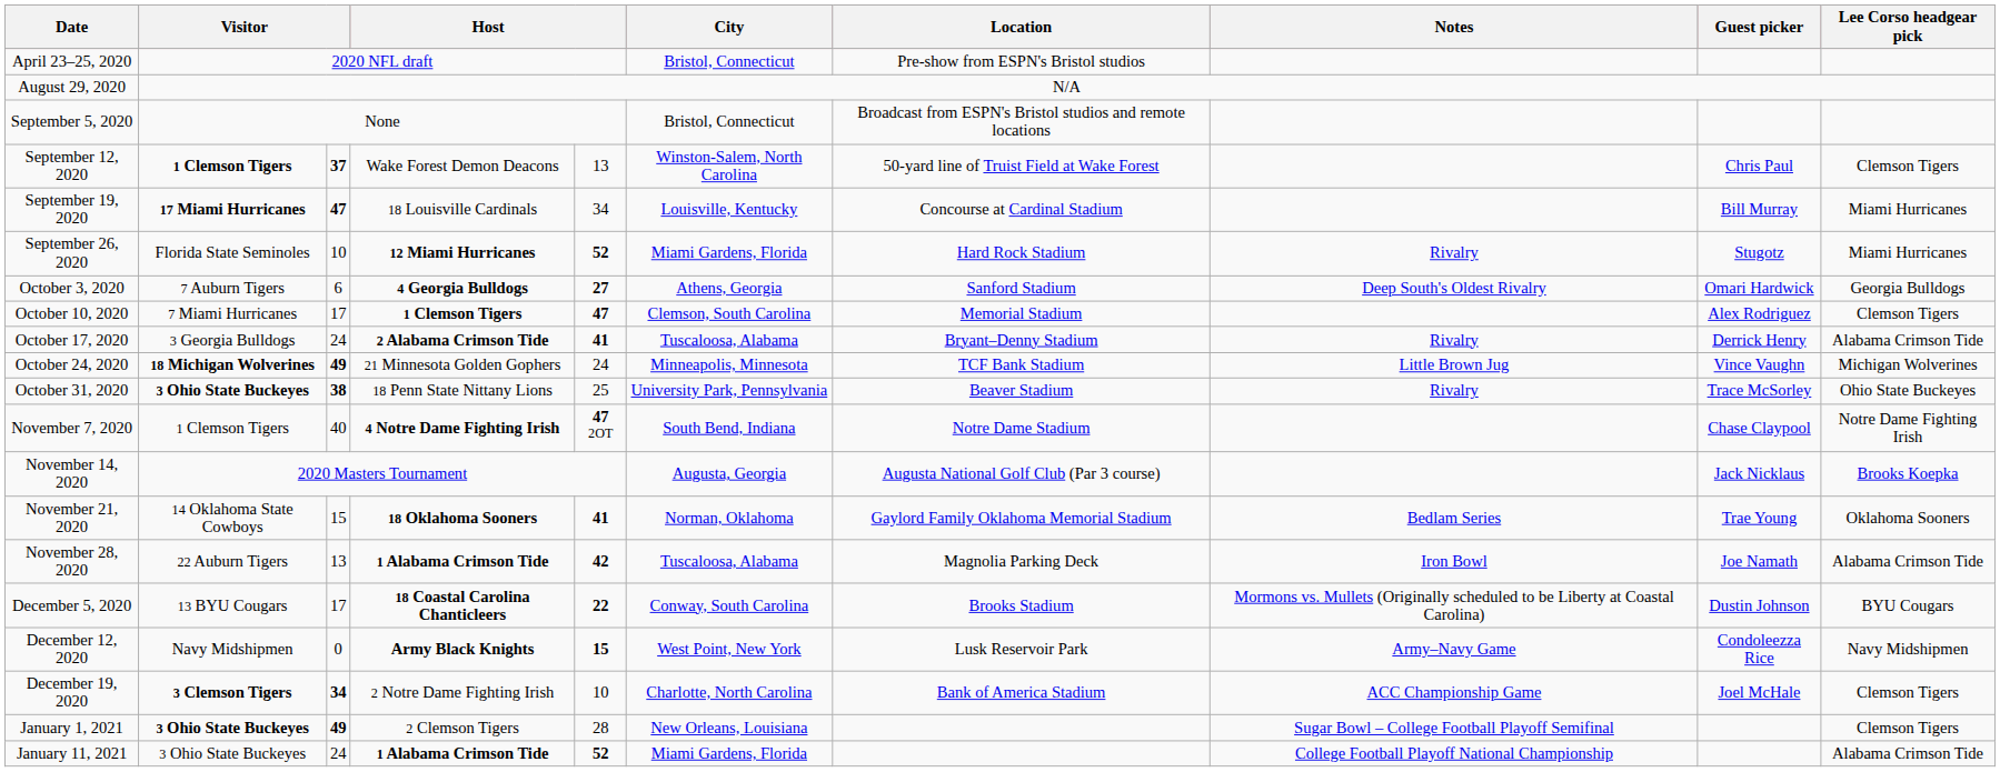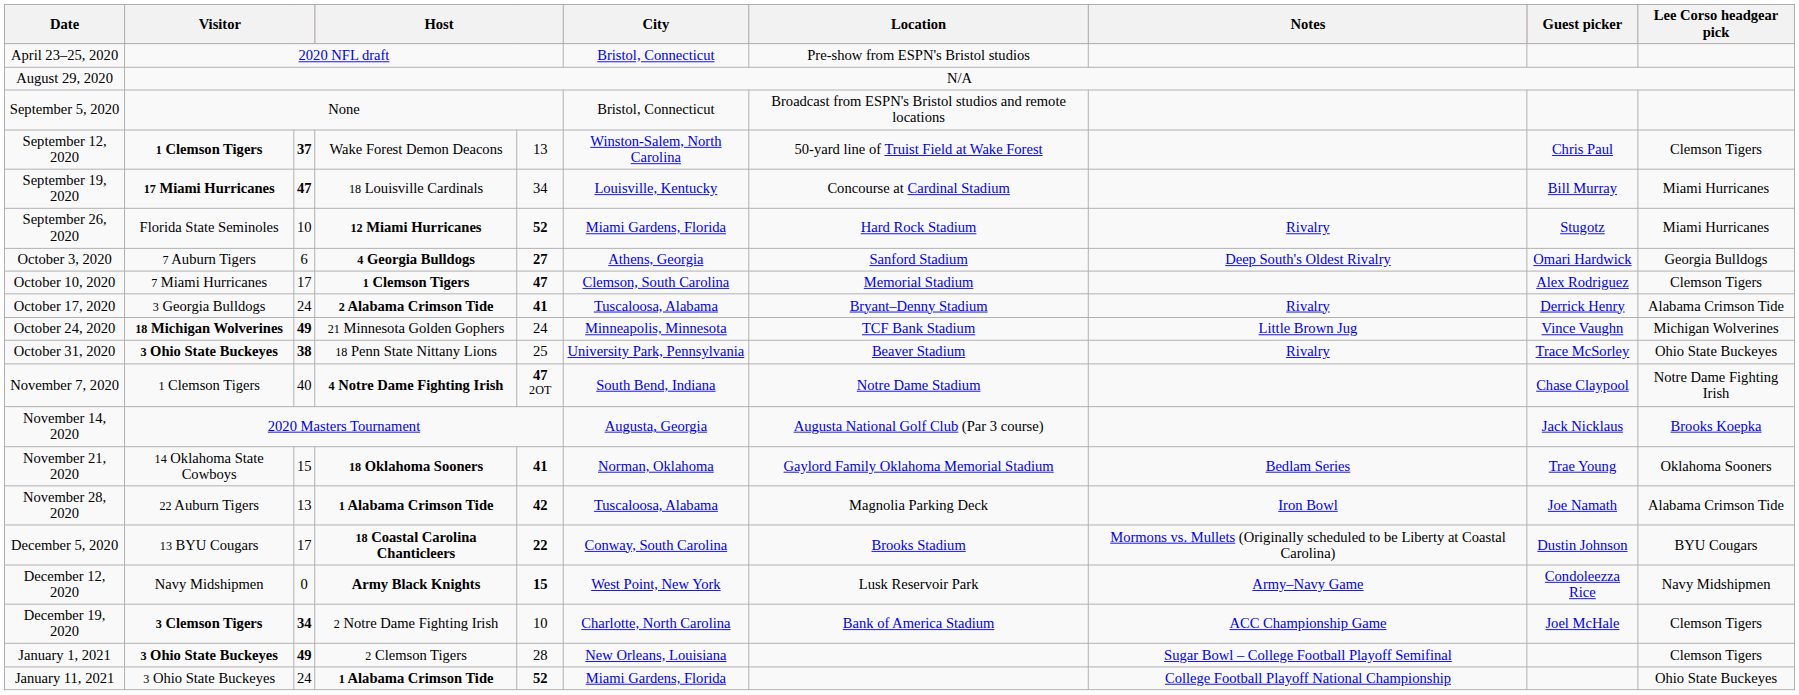 <table class="wikitable" style="text-align:center">
 <tr style="background:#A32638;"|>
 <th>Date</th>
 <th colspan=2>Visitor</th>
 <th colspan=2>Host</th>
 <th>City</th>
 <th>Location</th>
 <th>Notes</th>
 <th>Guest picker</th>
 <th>Lee Corso headgear pick</th>
 </tr>
 <tr>
 <td>April 23–25, 2020</td>
 <td colspan="4"><a href='#'>2020 NFL draft</a></td>
 <td><a href='#'>Bristol, Connecticut</a></td>
 <td>Pre-show from ESPN's Bristol studios</td>
 <td></td>
 <td></td>
 </tr>
 <tr>
 <td>August 29, 2020</td>
 <td colspan="9">N/A</td>
 </tr>
 <tr>
 <td>September 5, 2020</td>
 <td colspan="4">None</td>
 <td>Bristol, Connecticut</td>
 <td>Broadcast from ESPN's Bristol studios and remote locations</td>
 <td></td>
 <td></td>
 </tr>
 <tr>
 <td>September 12, 2020</td>
 <td><strong><small>1</small> Clemson Tigers</strong></td>
 <td><strong>37</strong></td>
 <td>Wake Forest Demon Deacons</td>
 <td>13</td>
 <td><a href='#'>Winston-Salem, North Carolina</a></td>
 <td>50-yard line of <a href='#'>Truist Field at Wake Forest</a></td>
 <td></td>
 <td><a href='#'>Chris Paul</a></td>
 <td>Clemson Tigers</td>
 </tr>
 <tr>
 <td>September 19, 2020</td>
 <td><strong><small>17</small> Miami Hurricanes</strong></td>
 <td><strong>47</strong></td>
 <td><small>18</small> Louisville Cardinals</td>
 <td>34</td>
 <td><a href='#'>Louisville, Kentucky</a></td>
 <td>Concourse at <a href='#'>Cardinal Stadium</a></td>
 <td></td>
 <td><a href='#'>Bill Murray</a></td>
 <td>Miami Hurricanes</td>
 </tr>
 <tr>
 <td>September 26, 2020</td>
 <td>Florida State Seminoles</td>
 <td>10</td>
 <td><strong><small>12</small> Miami Hurricanes</strong></td>
 <td><strong>52</strong></td>
 <td><a href='#'>Miami Gardens, Florida</a></td>
 <td><a href='#'>Hard Rock Stadium</a></td>
 <td><a href='#'>Rivalry</a></td>
 <td><a href='#'>Stugotz</a></td>
 <td>Miami Hurricanes</td>
 </tr>
 <tr>
 <td>October 3, 2020</td>
 <td><small>7</small> Auburn Tigers</td>
 <td>6</td>
 <td><strong><small>4</small> Georgia Bulldogs</strong></td>
 <td><strong>27</strong></td>
 <td><a href='#'>Athens, Georgia</a></td>
 <td><a href='#'>Sanford Stadium</a></td>
 <td><a href='#'>Deep South's Oldest Rivalry</a></td>
 <td><a href='#'>Omari Hardwick</a></td>
 <td>Georgia Bulldogs</td>
 </tr>
 <tr>
 <td>October 10, 2020</td>
 <td><small>7</small> Miami Hurricanes</td>
 <td>17</td>
 <td><strong><small>1</small> Clemson Tigers</strong></td>
 <td><strong>47</strong></td>
 <td><a href='#'>Clemson, South Carolina</a></td>
 <td><a href='#'>Memorial Stadium</a></td>
 <td></td>
 <td><a href='#'>Alex Rodriguez</a></td>
 <td>Clemson Tigers</td>
 </tr>
 <tr>
 <td>October 17, 2020</td>
 <td><small>3</small> Georgia Bulldogs</td>
 <td>24</td>
 <td><strong><small>2</small> Alabama Crimson Tide</strong></td>
 <td><strong>41</strong></td>
 <td><a href='#'>Tuscaloosa, Alabama</a></td>
 <td><a href='#'>Bryant–Denny Stadium</a></td>
 <td><a href='#'>Rivalry</a></td>
 <td><a href='#'>Derrick Henry</a></td>
 <td>Alabama Crimson Tide</td>
 </tr>
 <tr>
 <td>October 24, 2020</td>
 <td><strong><small>18</small> Michigan Wolverines</strong></td>
 <td><strong>49</strong></td>
 <td><small>21</small> Minnesota Golden Gophers</td>
 <td>24</td>
 <td><a href='#'>Minneapolis, Minnesota</a></td>
 <td><a href='#'>TCF Bank Stadium</a></td>
 <td><a href='#'>Little Brown Jug</a></td>
 <td><a href='#'>Vince Vaughn</a></td>
 <td>Michigan Wolverines</td>
 </tr>
 <tr>
 <td>October 31, 2020</td>
 <td><strong><small>3</small> Ohio State Buckeyes</strong></td>
 <td><strong>38</strong></td>
 <td><small>18</small> Penn State Nittany Lions</td>
 <td>25</td>
 <td><a href='#'>University Park, Pennsylvania</a></td>
 <td><a href='#'>Beaver Stadium</a></td>
 <td><a href='#'>Rivalry</a></td>
 <td><a href='#'>Trace McSorley</a></td>
 <td>Ohio State Buckeyes</td>
 </tr>
 <tr>
 <td>November 7, 2020</td>
 <td><small>1</small> Clemson Tigers</td>
 <td>40</td>
 <td><strong><small>4</small> Notre Dame Fighting Irish</strong></td>
 <td><strong>47</strong> <sup>2OT</sup></td>
 <td><a href='#'>South Bend, Indiana</a></td>
 <td><a href='#'>Notre Dame Stadium</a></td>
 <td></td>
 <td><a href='#'>Chase Claypool</a></td>
 <td>Notre Dame Fighting Irish</td>
 </tr>
 <tr>
 <td>November 14, 2020</td>
 <td colspan="4"><a href='#'>2020 Masters Tournament</a></td>
 <td><a href='#'>Augusta, Georgia</a></td>
 <td><a href='#'>Augusta National Golf Club</a> (Par 3 course)</td>
 <td></td>
 <td><a href='#'>Jack Nicklaus</a></td>
 <td><a href='#'>Brooks Koepka</a></td>
 </tr>
 <tr>
 <td>November 21, 2020</td>
 <td><small>14</small> Oklahoma State Cowboys</td>
 <td>15</td>
 <td><strong><small>18</small> Oklahoma Sooners</strong></td>
 <td><strong>41</strong></td>
 <td><a href='#'>Norman, Oklahoma</a></td>
 <td><a href='#'>Gaylord Family Oklahoma Memorial Stadium</a></td>
 <td><a href='#'>Bedlam Series</a></td>
 <td><a href='#'>Trae Young</a></td>
 <td>Oklahoma Sooners</td>
 </tr>
 <tr>
 <td>November 28, 2020</td>
 <td><small>22</small> Auburn Tigers</td>
 <td>13</td>
 <td><strong><small>1</small> Alabama Crimson Tide</strong></td>
 <td><strong>42</strong></td>
 <td><a href='#'>Tuscaloosa, Alabama</a></td>
 <td>Magnolia Parking Deck</td>
 <td><a href='#'>Iron Bowl</a></td>
 <td><a href='#'>Joe Namath</a></td>
 <td>Alabama Crimson Tide</td>
 </tr>
 <tr>
 <td>December 5, 2020</td>
 <td><small>13</small> BYU Cougars</td>
 <td>17</td>
 <td><strong><small>18</small> Coastal Carolina Chanticleers</strong></td>
 <td><strong>22</strong></td>
 <td><a href='#'>Conway, South Carolina</a></td>
 <td><a href='#'>Brooks Stadium</a></td>
 <td><a href='#'>Mormons vs. Mullets</a> (Originally scheduled to be Liberty at Coastal Carolina)</td>
 <td><a href='#'>Dustin Johnson</a></td>
 <td>BYU Cougars</td>
 </tr>
 <tr>
 <td>December 12, 2020</td>
 <td>Navy Midshipmen</td>
 <td>0</td>
 <td><strong>Army Black Knights</strong></td>
 <td><strong>15</strong></td>
 <td><a href='#'>West Point, New York</a></td>
 <td>Lusk Reservoir Park</td>
 <td><a href='#'>Army–Navy Game</a></td>
 <td><a href='#'>Condoleezza Rice</a></td>
 <td>Navy Midshipmen</td>
 </tr>
 <tr>
 <td>December 19, 2020</td>
 <td><strong><small>3</small> Clemson Tigers</strong></td>
 <td><strong>34</strong></td>
 <td><small>2</small> Notre Dame Fighting Irish</td>
 <td>10</td>
 <td><a href='#'>Charlotte, North Carolina</a></td>
 <td><a href='#'>Bank of America Stadium</a></td>
 <td><a href='#'>ACC Championship Game</a></td>
 <td><a href='#'>Joel McHale</a></td>
 <td>Clemson Tigers</td>
 </tr>
 <tr>
 <td>January 1, 2021</td>
 <td><strong><small>3</small> Ohio State Buckeyes</strong></td>
 <td><strong>49</strong></td>
 <td><small>2</small> Clemson Tigers</td>
 <td>28</td>
 <td><a href='#'>New Orleans, Louisiana</a></td>
 <td></td>
 <td><a href='#'>Sugar Bowl – College Football Playoff Semifinal</a></td>
 <td></td>
 <td>Clemson Tigers</td>
 </tr>
 <tr>
 <td>January 11, 2021</td>
 <td><small>3</small> Ohio State Buckeyes</td>
 <td>24</td>
 <td><strong><small>1</small> Alabama Crimson Tide</strong></td>
 <td><strong>52</strong></td>
 <td><a href='#'>Miami Gardens, Florida</a></td>
 <td></td>
 <td><a href='#'>College Football Playoff National Championship</a></td>
 <td></td>
-<td>Alabama Crimson Tide</td>
+<td>Ohio State Buckeyes</td>
 </tr>
 </table>
